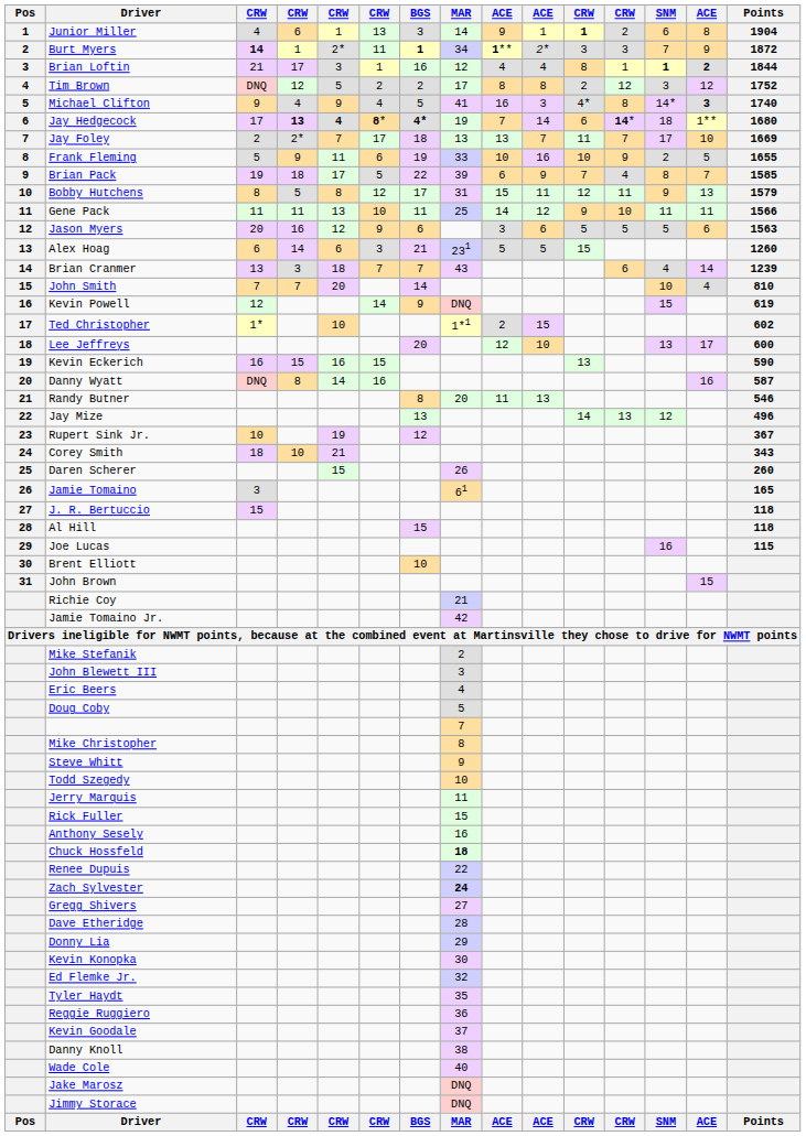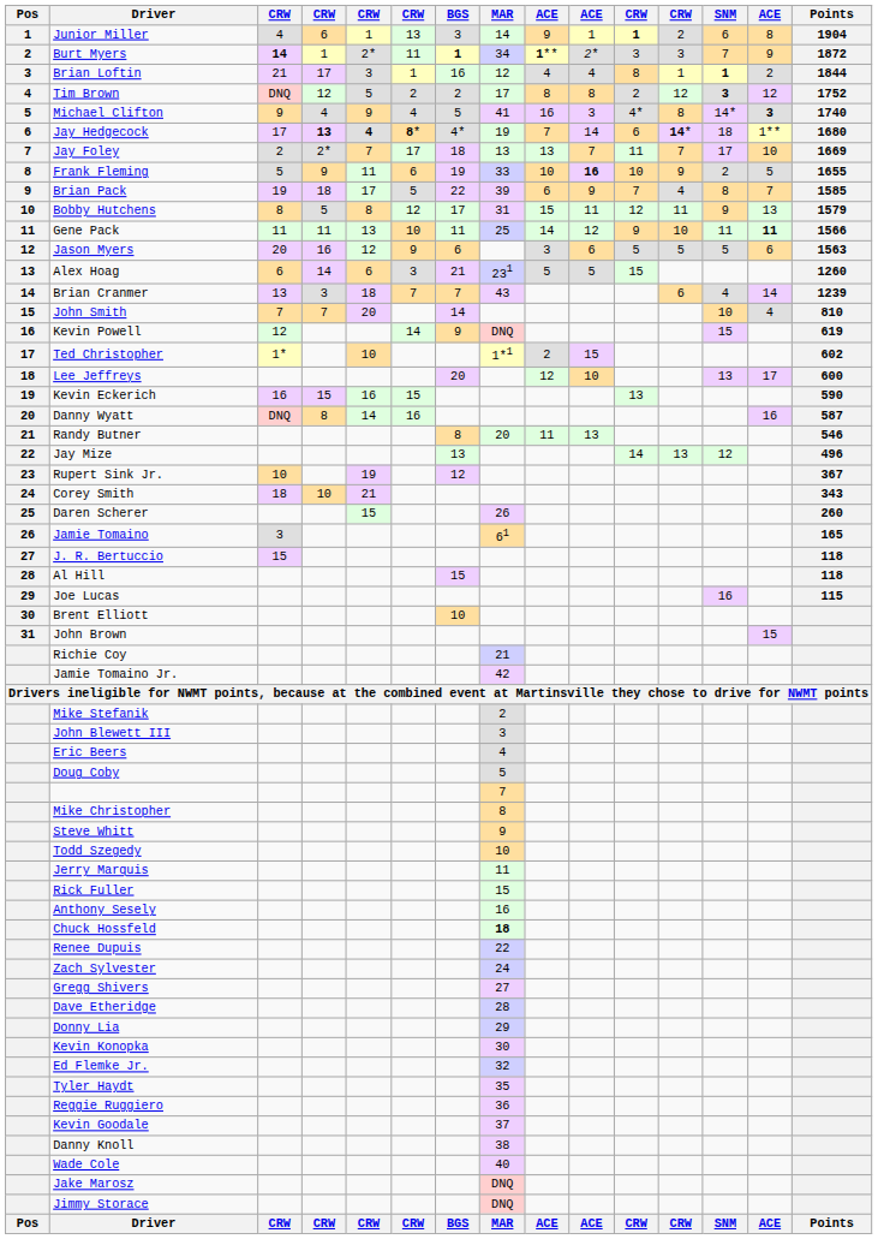 <table class="wikitable" style="font-size:77%; text-align:center;">
 <tr valign="center">
 <th valign="middle">Pos</th>
 <th valign="middle">Driver</th>
 <th><a href='#'>CRW</a></th>
 <th><a href='#'>CRW</a></th>
 <th><a href='#'>CRW</a></th>
 <th><a href='#'>CRW</a></th>
 <th><a href='#'>BGS</a></th>
 <th><a href='#'>MAR</a></th>
 <th><a href='#'>ACE</a></th>
 <th><a href='#'>ACE</a></th>
 <th><a href='#'>CRW</a></th>
 <th><a href='#'>CRW</a></th>
 <th><a href='#'>SNM</a></th>
 <th><a href='#'>ACE</a></th>
 <th valign="middle">Points</th>
 </tr>
 <tr>
 <th>1</th>
 <td align="left"><a href='#'>Junior Miller</a></td>
 <td style="background:#DFDFDF;">4</td>
 <td style="background:#FFDF9F;">6</td>
 <td style="background:#FFFFBF;">1</td>
 <td style="background:#DFFFDF;">13</td>
 <td style="background:#DFDFDF;">3</td>
 <td style="background:#DFFFDF;">14</td>
 <td style="background:#FFDF9F;">9</td>
 <td style="background:#FFFFBF;">1</td>
 <td style="background:#FFFFBF;"><strong>1</strong></td>
 <td style="background:#DFDFDF;">2</td>
 <td style="background:#FFDF9F;">6</td>
 <td style="background:#FFDF9F;">8</td>
 <th>1904</th>
 </tr>
 <tr>
 <th>2</th>
 <td align="left"><a href='#'>Burt Myers</a></td>
 <td style="background:#EFCFFF;"><strong>14</strong></td>
 <td style="background:#FFFFBF;">1</td>
 <td style="background:#DFDFDF;">2*</td>
 <td style="background:#DFFFDF;">11</td>
 <td style="background:#FFFFBF;"><strong>1</strong></td>
 <td style="background:#CFCFFF;">34</td>
 <td style="background:#FFFFBF;"><strong>1</strong>**</td>
 <td style="background:#DFDFDF;"><em>2</em>*</td>
 <td style="background:#DFDFDF;">3</td>
 <td style="background:#DFDFDF;">3</td>
 <td style="background:#FFDF9F;">7</td>
 <td style="background:#FFDF9F;">9</td>
 <th>1872</th>
 </tr>
 <tr>
 <th>3</th>
 <td align="left"><a href='#'>Brian Loftin</a></td>
 <td style="background:#EFCFFF;">21</td>
 <td style="background:#EFCFFF;">17</td>
 <td style="background:#DFDFDF;">3</td>
 <td style="background:#FFFFBF;">1</td>
 <td style="background:#DFFFDF;">16</td>
 <td style="background:#DFFFDF;">12</td>
 <td style="background:#DFDFDF;">4</td>
 <td style="background:#DFDFDF;">4</td>
 <td style="background:#FFDF9F;">8</td>
 <td style="background:#FFFFBF;">1</td>
 <td style="background:#FFFFBF;"><strong>1</strong></td>
-<td style="background:#DFDFDF;"><strong>2</strong></td>
+<td style="background:#DFDFDF;">2</td>
 <th>1844</th>
 </tr>
 <tr>
 <th>4</th>
 <td align="left"><a href='#'>Tim Brown</a></td>
 <td style="background:#FFCFCF;">DNQ</td>
 <td style="background:#DFFFDF;">12</td>
 <td style="background:#DFDFDF;">5</td>
 <td style="background:#DFDFDF;">2</td>
 <td style="background:#DFDFDF;">2</td>
 <td style="background:#DFFFDF;">17</td>
 <td style="background:#FFDF9F;">8</td>
 <td style="background:#FFDF9F;">8</td>
 <td style="background:#DFDFDF;">2</td>
 <td style="background:#DFFFDF;">12</td>
-<td style="background:#DFDFDF;">3</td>
+<td style="background:#DFDFDF;"><strong>3</strong></td>
 <td style="background:#EFCFFF;">12</td>
 <th>1752</th>
 </tr>
 <tr>
 <th>5</th>
 <td align="left"><a href='#'>Michael Clifton</a></td>
 <td style="background:#FFDF9F;">9</td>
 <td style="background:#DFDFDF;">4</td>
 <td style="background:#FFDF9F;">9</td>
 <td style="background:#DFDFDF;">4</td>
 <td style="background:#DFDFDF;">5</td>
 <td style="background:#EFCFFF;">41</td>
 <td style="background:#EFCFFF;">16</td>
 <td style="background:#EFCFFF;">3</td>
 <td style="background:#DFDFDF;">4*</td>
 <td style="background:#FFDF9F;">8</td>
 <td style="background:#EFCFFF;">14*</td>
 <td style="background:#DFDFDF;"><strong>3</strong></td>
 <th>1740</th>
 </tr>
 <tr>
 <th>6</th>
 <td align="left"><a href='#'>Jay Hedgecock</a></td>
 <td style="background:#EFCFFF;">17</td>
 <td style="background:#EFCFFF;"><strong>13</strong></td>
 <td style="background:#DFDFDF;"><strong>4</strong></td>
 <td style="background:#FFDF9F;"><strong>8</strong>*</td>
-<td style="background:#DFDFDF;"><strong>4*</strong></td>
+<td style="background:#DFDFDF;">4*</td>
 <td style="background:#DFFFDF;">19</td>
 <td style="background:#FFDF9F;">7</td>
 <td style="background:#EFCFFF;">14</td>
 <td style="background:#FFDF9F;">6</td>
 <td style="background:#EFCFFF;"><strong>14</strong>*</td>
 <td style="background:#EFCFFF;">18</td>
 <td style="background:#FFFFBF;">1**</td>
 <th>1680</th>
 </tr>
 <tr>
 <th>7</th>
 <td align="left"><a href='#'>Jay Foley</a></td>
 <td style="background:#DFDFDF;">2</td>
 <td style="background:#DFDFDF;">2*</td>
 <td style="background:#FFDF9F;">7</td>
 <td style="background:#DFFFDF;">17</td>
 <td style="background:#EFCFFF;">18</td>
 <td style="background:#DFFFDF;">13</td>
 <td style="background:#DFFFDF;">13</td>
 <td style="background:#FFDF9F;">7</td>
 <td style="background:#DFFFDF;">11</td>
 <td style="background:#FFDF9F;">7</td>
 <td style="background:#EFCFFF;">17</td>
 <td style="background:#FFDF9F;">10</td>
 <th>1669</th>
 </tr>
 <tr>
 <th>8</th>
 <td align="left"><a href='#'>Frank Fleming</a></td>
 <td style="background:#DFDFDF;">5</td>
 <td style="background:#FFDF9F;">9</td>
 <td style="background:#DFFFDF;">11</td>
 <td style="background:#FFDF9F;">6</td>
 <td style="background:#EFCFFF;">19</td>
 <td style="background:#CFCFFF;">33</td>
 <td style="background:#FFDF9F;">10</td>
-<td style="background:#EFCFFF;">16</td>
+<td style="background:#EFCFFF;"><strong>16</strong></td>
 <td style="background:#FFDF9F;">10</td>
 <td style="background:#FFDF9F;">9</td>
 <td style="background:#DFDFDF;">2</td>
 <td style="background:#DFDFDF;">5</td>
 <th>1655</th>
 </tr>
 <tr>
 <th>9</th>
 <td align="left"><a href='#'>Brian Pack</a></td>
 <td style="background:#EFCFFF;">19</td>
 <td style="background:#EFCFFF;">18</td>
 <td style="background:#DFFFDF;">17</td>
 <td style="background:#DFDFDF;">5</td>
 <td style="background:#EFCFFF;">22</td>
 <td style="background:#EFCFFF;">39</td>
 <td style="background:#FFDF9F;">6</td>
 <td style="background:#FFDF9F;">9</td>
 <td style="background:#FFDF9F;">7</td>
 <td style="background:#DFDFDF;">4</td>
 <td style="background:#FFDF9F;">8</td>
 <td style="background:#FFDF9F;">7</td>
 <th>1585</th>
 </tr>
 <tr>
 <th>10</th>
 <td align="left"><a href='#'>Bobby Hutchens</a></td>
 <td style="background:#FFDF9F;">8</td>
 <td style="background:#DFDFDF;">5</td>
 <td style="background:#FFDF9F;">8</td>
 <td style="background:#DFFFDF;">12</td>
 <td style="background:#DFFFDF;">17</td>
 <td style="background:#EFCFFF;">31</td>
 <td style="background:#DFFFDF;">15</td>
 <td style="background:#DFFFDF;">11</td>
 <td style="background:#DFFFDF;">12</td>
 <td style="background:#DFFFDF;">11</td>
 <td style="background:#FFDF9F;">9</td>
 <td style="background:#DFFFDF;">13</td>
 <th>1579</th>
 </tr>
 <tr>
 <th>11</th>
 <td align="left">Gene Pack</td>
 <td style="background:#DFFFDF;">11</td>
 <td style="background:#DFFFDF;">11</td>
 <td style="background:#DFFFDF;">13</td>
 <td style="background:#FFDF9F;">10</td>
 <td style="background:#DFFFDF;">11</td>
 <td style="background:#CFCFFF;">25</td>
 <td style="background:#DFFFDF;">14</td>
 <td style="background:#DFFFDF;">12</td>
 <td style="background:#FFDF9F;">9</td>
 <td style="background:#FFDF9F;">10</td>
 <td style="background:#DFFFDF;">11</td>
-<td style="background:#DFFFDF;">11</td>
+<td style="background:#DFFFDF;"><strong>11</strong></td>
 <th>1566</th>
 </tr>
 <tr>
 <th>12</th>
 <td align="left"><a href='#'>Jason Myers</a></td>
 <td style="background:#EFCFFF;">20</td>
 <td style="background:#EFCFFF;">16</td>
 <td style="background:#DFFFDF;">12</td>
 <td style="background:#FFDF9F;">9</td>
 <td style="background:#FFDF9F;">6</td>
 <td></td>
 <td style="background:#DFDFDF;">3</td>
 <td style="background:#FFDF9F;">6</td>
 <td style="background:#DFDFDF;">5</td>
 <td style="background:#DFDFDF;">5</td>
 <td style="background:#DFDFDF;">5</td>
 <td style="background:#FFDF9F;">6</td>
 <th>1563</th>
 </tr>
 <tr>
 <th>13</th>
 <td align="left">Alex Hoag</td>
 <td style="background:#FFDF9F;">6</td>
 <td style="background:#EFCFFF;">14</td>
 <td style="background:#FFDF9F;">6</td>
 <td style="background:#DFDFDF;">3</td>
 <td style="background:#EFCFFF;">21</td>
 <td style="background:#CFCFFF;">23<sup>1</sup></td>
 <td style="background:#DFDFDF;">5</td>
 <td style="background:#DFDFDF;">5</td>
 <td style="background:#DFFFDF;">15</td>
 <td></td>
 <td></td>
 <td></td>
 <th>1260</th>
 </tr>
 <tr>
 <th>14</th>
 <td align="left">Brian Cranmer</td>
 <td style="background:#EFCFFF;">13</td>
 <td style="background:#DFDFDF;">3</td>
 <td style="background:#EFCFFF;">18</td>
 <td style="background:#FFDF9F;">7</td>
 <td style="background:#FFDF9F;">7</td>
 <td style="background:#EFCFFF;">43</td>
 <td></td>
 <td></td>
 <td></td>
 <td style="background:#FFDF9F;">6</td>
 <td style="background:#DFDFDF;">4</td>
 <td style="background:#EFCFFF;">14</td>
 <th>1239</th>
 </tr>
 <tr>
 <th>15</th>
 <td align="left"><a href='#'>John Smith</a></td>
 <td style="background:#FFDF9F;">7</td>
 <td style="background:#FFDF9F;">7</td>
 <td style="background:#EFCFFF;">20</td>
 <td></td>
 <td style="background:#EFCFFF;">14</td>
 <td></td>
 <td></td>
 <td></td>
 <td></td>
 <td></td>
 <td style="background:#FFDF9F;">10</td>
 <td style="background:#DFDFDF;">4</td>
 <th>810</th>
 </tr>
 <tr>
 <th>16</th>
 <td align="left">Kevin Powell</td>
 <td style="background:#DFFFDF;">12</td>
 <td></td>
 <td></td>
 <td style="background:#DFFFDF;">14</td>
 <td style="background:#FFDF9F;">9</td>
 <td style="background:#FFCFCF;">DNQ</td>
 <td></td>
 <td></td>
 <td></td>
 <td></td>
 <td style="background:#EFCFFF;">15</td>
 <td></td>
 <th>619</th>
 </tr>
 <tr>
 <th>17</th>
 <td align="left"><a href='#'>Ted Christopher</a></td>
 <td style="background:#FFFFBF;">1*</td>
 <td></td>
 <td style="background:#FFDF9F;">10</td>
 <td></td>
 <td></td>
 <td style="background:#FFFFBF;">1*<sup>1</sup></td>
 <td style="background:#DFDFDF;">2</td>
 <td style="background:#EFCFFF;">15</td>
 <td></td>
 <td></td>
 <td></td>
 <td></td>
 <th>602</th>
 </tr>
 <tr>
 <th>18</th>
 <td align="left"><a href='#'>Lee Jeffreys</a></td>
 <td></td>
 <td></td>
 <td></td>
 <td></td>
 <td style="background:#EFCFFF;">20</td>
 <td></td>
 <td style="background:#DFFFDF;">12</td>
 <td style="background:#FFDF9F;">10</td>
 <td></td>
 <td></td>
 <td style="background:#EFCFFF;">13</td>
 <td style="background:#EFCFFF;">17</td>
 <th>600</th>
 </tr>
 <tr>
 <th>19</th>
 <td align="left">Kevin Eckerich</td>
 <td style="background:#EFCFFF;">16</td>
 <td style="background:#EFCFFF;">15</td>
 <td style="background:#DFFFDF;">16</td>
 <td style="background:#DFFFDF;">15</td>
 <td></td>
 <td></td>
 <td></td>
 <td></td>
 <td style="background:#DFFFDF;">13</td>
 <td></td>
 <td></td>
 <td></td>
 <th>590</th>
 </tr>
 <tr>
 <th>20</th>
 <td align="left">Danny Wyatt</td>
 <td style="background:#FFCFCF;">DNQ</td>
 <td style="background:#FFDF9F;">8</td>
 <td style="background:#DFFFDF;">14</td>
 <td style="background:#DFFFDF;">16</td>
 <td></td>
 <td></td>
 <td></td>
 <td></td>
 <td></td>
 <td></td>
 <td></td>
 <td style="background:#EFCFFF;">16</td>
 <th>587</th>
 </tr>
 <tr>
 <th>21</th>
 <td align="left">Randy Butner</td>
 <td></td>
 <td></td>
 <td></td>
 <td></td>
 <td style="background:#FFDF9F;">8</td>
 <td style="background:#DFFFDF;">20</td>
 <td style="background:#DFFFDF;">11</td>
 <td style="background:#DFFFDF;">13</td>
 <td></td>
 <td></td>
 <td></td>
 <td></td>
 <th>546</th>
 </tr>
 <tr>
 <th>22</th>
 <td align="left">Jay Mize</td>
 <td></td>
 <td></td>
 <td></td>
 <td></td>
 <td style="background:#DFFFDF;">13</td>
 <td></td>
 <td></td>
 <td></td>
 <td style="background:#DFFFDF;">14</td>
 <td style="background:#DFFFDF;">13</td>
 <td style="background:#DFFFDF;">12</td>
 <td></td>
 <th>496</th>
 </tr>
 <tr>
 <th>23</th>
 <td align="left">Rupert Sink Jr.</td>
 <td style="background:#FFDF9F;">10</td>
 <td></td>
 <td style="background:#EFCFFF;">19</td>
 <td></td>
 <td style="background:#EFCFFF;">12</td>
 <td></td>
 <td></td>
 <td></td>
 <td></td>
 <td></td>
 <td></td>
 <td></td>
 <th>367</th>
 </tr>
 <tr>
 <th>24</th>
 <td align="left">Corey Smith</td>
 <td style="background:#EFCFFF;">18</td>
 <td style="background:#FFDF9F;">10</td>
 <td style="background:#EFCFFF;">21</td>
 <td></td>
 <td></td>
 <td></td>
 <td></td>
 <td></td>
 <td></td>
 <td></td>
 <td></td>
 <td></td>
 <th>343</th>
 </tr>
 <tr>
 <th>25</th>
 <td align="left">Daren Scherer</td>
 <td></td>
 <td></td>
 <td style="background:#DFFFDF;">15</td>
 <td></td>
 <td></td>
 <td style="background:#EFCFFF;">26</td>
 <td></td>
 <td></td>
 <td></td>
 <td></td>
 <td></td>
 <td></td>
 <th>260</th>
 </tr>
 <tr>
 <th>26</th>
 <td align="left"><a href='#'>Jamie Tomaino</a></td>
 <td style="background:#DFDFDF;">3</td>
 <td></td>
 <td></td>
 <td></td>
 <td></td>
 <td style="background:#FFDF9F;">6<sup>1</sup></td>
 <td></td>
 <td></td>
 <td></td>
 <td></td>
 <td></td>
 <td></td>
 <th>165</th>
 </tr>
 <tr>
 <th>27</th>
 <td align="left"><a href='#'>J. R. Bertuccio</a></td>
 <td style="background:#EFCFFF;">15</td>
 <td></td>
 <td></td>
 <td></td>
 <td></td>
 <td></td>
 <td></td>
 <td></td>
 <td></td>
 <td></td>
 <td></td>
 <td></td>
 <th>118</th>
 </tr>
 <tr>
 <th>28</th>
 <td align="left">Al Hill</td>
 <td></td>
 <td></td>
 <td></td>
 <td></td>
 <td style="background:#EFCFFF;">15</td>
 <td></td>
 <td></td>
 <td></td>
 <td></td>
 <td></td>
 <td></td>
 <td></td>
 <th>118</th>
 </tr>
 <tr>
 <th>29</th>
 <td align="left">Joe Lucas</td>
 <td></td>
 <td></td>
 <td></td>
 <td></td>
 <td></td>
 <td></td>
 <td></td>
 <td></td>
 <td></td>
 <td></td>
 <td style="background:#EFCFFF;">16</td>
 <td></td>
 <th>115</th>
 </tr>
 <tr>
 <th>30</th>
 <td align="left">Brent Elliott</td>
 <td></td>
 <td></td>
 <td></td>
 <td></td>
 <td style="background:#FFDF9F;">10</td>
 <td></td>
 <td></td>
 <td></td>
 <td></td>
 <td></td>
 <td></td>
 <td></td>
 <th></th>
 </tr>
 <tr>
 <th>31</th>
 <td align="left">John Brown</td>
 <td></td>
 <td></td>
 <td></td>
 <td></td>
 <td></td>
 <td></td>
 <td></td>
 <td></td>
 <td></td>
 <td></td>
 <td></td>
 <td style="background:#EFCFFF;">15</td>
 <th></th>
 </tr>
 <tr>
 <th></th>
 <td align="left">Richie Coy</td>
 <td></td>
 <td></td>
 <td></td>
 <td></td>
 <td></td>
 <td style="background:#CFCFFF;">21</td>
 <td></td>
 <td></td>
 <td></td>
 <td></td>
 <td></td>
 <td></td>
 <th></th>
 </tr>
 <tr>
 <th></th>
 <td align="left">Jamie Tomaino Jr.</td>
 <td></td>
 <td></td>
 <td></td>
 <td></td>
 <td></td>
 <td style="background:#EFCFFF;">42</td>
 <td></td>
 <td></td>
 <td></td>
 <td></td>
 <td></td>
 <td></td>
 <th></th>
 </tr>
 <tr>
 <th colspan=19>Drivers ineligible for NWMT points, because at the combined event at Martinsville they chose to drive for <a href='#'>NWMT</a> points</th>
 </tr>
 <tr>
 <th></th>
 <td align="left"><a href='#'>Mike Stefanik</a></td>
 <td></td>
 <td></td>
 <td></td>
 <td></td>
 <td></td>
 <td style="background:#DFDFDF;">2</td>
 <td></td>
 <td></td>
 <td></td>
 <td></td>
 <td></td>
 <td></td>
 <th></th>
 </tr>
 <tr>
 <th></th>
 <td align="left"><a href='#'>John Blewett III</a></td>
 <td></td>
 <td></td>
 <td></td>
 <td></td>
 <td></td>
 <td style="background:#DFDFDF;">3</td>
 <td></td>
 <td></td>
 <td></td>
 <td></td>
 <td></td>
 <td></td>
 <th></th>
 </tr>
 <tr>
 <th></th>
 <td align="left"><a href='#'>Eric Beers</a></td>
 <td></td>
 <td></td>
 <td></td>
 <td></td>
 <td></td>
 <td style="background:#DFDFDF;">4</td>
 <td></td>
 <td></td>
 <td></td>
 <td></td>
 <td></td>
 <td></td>
 <th></th>
 </tr>
 <tr>
 <th></th>
 <td align="left"><a href='#'>Doug Coby</a></td>
 <td></td>
 <td></td>
 <td></td>
 <td></td>
 <td></td>
 <td style="background:#DFDFDF;">5</td>
 <td></td>
 <td></td>
 <td></td>
 <td></td>
 <td></td>
 <td></td>
 <th></th>
 </tr>
 <tr>
 <th></th>
 <td align="left"></td>
 <td></td>
 <td></td>
 <td></td>
 <td></td>
 <td></td>
 <td style="background:#FFDF9F;">7</td>
 <td></td>
 <td></td>
 <td></td>
 <td></td>
 <td></td>
 <td></td>
 <th></th>
 </tr>
 <tr>
 <th></th>
 <td align="left"><a href='#'>Mike Christopher</a></td>
 <td></td>
 <td></td>
 <td></td>
 <td></td>
 <td></td>
 <td style="background:#FFDF9F;">8</td>
 <td></td>
 <td></td>
 <td></td>
 <td></td>
 <td></td>
 <td></td>
 <th></th>
 </tr>
 <tr>
 <th></th>
 <td align="left"><a href='#'>Steve Whitt</a></td>
 <td></td>
 <td></td>
 <td></td>
 <td></td>
 <td></td>
 <td style="background:#FFDF9F;">9</td>
 <td></td>
 <td></td>
 <td></td>
 <td></td>
 <td></td>
 <td></td>
 <th></th>
 </tr>
 <tr>
 <th></th>
 <td align="left"><a href='#'>Todd Szegedy</a></td>
 <td></td>
 <td></td>
 <td></td>
 <td></td>
 <td></td>
 <td style="background:#FFDF9F;">10</td>
 <td></td>
 <td></td>
 <td></td>
 <td></td>
 <td></td>
 <td></td>
 <th></th>
 </tr>
 <tr>
 <th></th>
 <td align="left"><a href='#'>Jerry Marquis</a></td>
 <td></td>
 <td></td>
 <td></td>
 <td></td>
 <td></td>
 <td style="background:#DFFFDF;">11</td>
 <td></td>
 <td></td>
 <td></td>
 <td></td>
 <td></td>
 <td></td>
 <th></th>
 </tr>
 <tr>
 <th></th>
 <td align="left"><a href='#'>Rick Fuller</a></td>
 <td></td>
 <td></td>
 <td></td>
 <td></td>
 <td></td>
 <td style="background:#DFFFDF;">15</td>
 <td></td>
 <td></td>
 <td></td>
 <td></td>
 <td></td>
 <td></td>
 <th></th>
 </tr>
 <tr>
 <th></th>
 <td align="left"><a href='#'>Anthony Sesely</a></td>
 <td></td>
 <td></td>
 <td></td>
 <td></td>
 <td></td>
 <td style="background:#DFFFDF;">16</td>
 <td></td>
 <td></td>
 <td></td>
 <td></td>
 <td></td>
 <td></td>
 <th></th>
 </tr>
 <tr>
 <th></th>
 <td align="left"><a href='#'>Chuck Hossfeld</a></td>
 <td></td>
 <td></td>
 <td></td>
 <td></td>
 <td></td>
 <td style="background:#DFFFDF;"><strong>18</strong></td>
 <td></td>
 <td></td>
 <td></td>
 <td></td>
 <td></td>
 <td></td>
 <th></th>
 </tr>
 <tr>
 <th></th>
 <td align="left"><a href='#'>Renee Dupuis</a></td>
 <td></td>
 <td></td>
 <td></td>
 <td></td>
 <td></td>
 <td style="background:#CFCFFF;">22</td>
 <td></td>
 <td></td>
 <td></td>
 <td></td>
 <td></td>
 <td></td>
 <th></th>
 </tr>
 <tr>
 <th></th>
 <td align="left"><a href='#'>Zach Sylvester</a></td>
 <td></td>
 <td></td>
 <td></td>
 <td></td>
 <td></td>
-<td style="background:#CFCFFF;"><strong>24</strong></td>
+<td style="background:#CFCFFF;">24</td>
 <td></td>
 <td></td>
 <td></td>
 <td></td>
 <td></td>
 <td></td>
 <th></th>
 </tr>
 <tr>
 <th></th>
 <td align="left"><a href='#'>Gregg Shivers</a></td>
 <td></td>
 <td></td>
 <td></td>
 <td></td>
 <td></td>
 <td style="background:#EFCFFF;">27</td>
 <td></td>
 <td></td>
 <td></td>
 <td></td>
 <td></td>
 <td></td>
 <th></th>
 </tr>
 <tr>
 <th></th>
 <td align="left"><a href='#'>Dave Etheridge</a></td>
 <td></td>
 <td></td>
 <td></td>
 <td></td>
 <td></td>
 <td style="background:#CFCFFF;">28</td>
 <td></td>
 <td></td>
 <td></td>
 <td></td>
 <td></td>
 <td></td>
 <th></th>
 </tr>
 <tr>
 <th></th>
 <td align="left"><a href='#'>Donny Lia</a></td>
 <td></td>
 <td></td>
 <td></td>
 <td></td>
 <td></td>
 <td style="background:#CFCFFF;">29</td>
 <td></td>
 <td></td>
 <td></td>
 <td></td>
 <td></td>
 <td></td>
 <th></th>
 </tr>
 <tr>
 <th></th>
 <td align="left"><a href='#'>Kevin Konopka</a></td>
 <td></td>
 <td></td>
 <td></td>
 <td></td>
 <td></td>
 <td style="background:#EFCFFF;">30</td>
 <td></td>
 <td></td>
 <td></td>
 <td></td>
 <td></td>
 <td></td>
 <th></th>
 </tr>
 <tr>
 <th></th>
 <td align="left"><a href='#'>Ed Flemke Jr.</a></td>
 <td></td>
 <td></td>
 <td></td>
 <td></td>
 <td></td>
 <td style="background:#CFCFFF;">32</td>
 <td></td>
 <td></td>
 <td></td>
 <td></td>
 <td></td>
 <td></td>
 <th></th>
 </tr>
 <tr>
 <th></th>
 <td align="left"><a href='#'>Tyler Haydt</a></td>
 <td></td>
 <td></td>
 <td></td>
 <td></td>
 <td></td>
 <td style="background:#EFCFFF;">35</td>
 <td></td>
 <td></td>
 <td></td>
 <td></td>
 <td></td>
 <td></td>
 <th></th>
 </tr>
 <tr>
 <th></th>
 <td align="left"><a href='#'>Reggie Ruggiero</a></td>
 <td></td>
 <td></td>
 <td></td>
 <td></td>
 <td></td>
 <td style="background:#EFCFFF;">36</td>
 <td></td>
 <td></td>
 <td></td>
 <td></td>
 <td></td>
 <td></td>
 <th></th>
 </tr>
 <tr>
 <th></th>
 <td align="left"><a href='#'>Kevin Goodale</a></td>
 <td></td>
 <td></td>
 <td></td>
 <td></td>
 <td></td>
 <td style="background:#EFCFFF;">37</td>
 <td></td>
 <td></td>
 <td></td>
 <td></td>
 <td></td>
 <td></td>
 <th></th>
 </tr>
 <tr>
 <th></th>
 <td align="left">Danny Knoll</td>
 <td></td>
 <td></td>
 <td></td>
 <td></td>
 <td></td>
 <td style="background:#EFCFFF;">38</td>
 <td></td>
 <td></td>
 <td></td>
 <td></td>
 <td></td>
 <td></td>
 <th></th>
 </tr>
 <tr>
 <th></th>
 <td align="left"><a href='#'>Wade Cole</a></td>
 <td></td>
 <td></td>
 <td></td>
 <td></td>
 <td></td>
 <td style="background:#EFCFFF;">40</td>
 <td></td>
 <td></td>
 <td></td>
 <td></td>
 <td></td>
 <td></td>
 <th></th>
 </tr>
 <tr>
 <th></th>
 <td align="left"><a href='#'>Jake Marosz</a></td>
 <td></td>
 <td></td>
 <td></td>
 <td></td>
 <td></td>
 <td style="background:#FFCFCF;">DNQ</td>
 <td></td>
 <td></td>
 <td></td>
 <td></td>
 <td></td>
 <td></td>
 <th></th>
 </tr>
 <tr>
 <th></th>
 <td align="left"><a href='#'>Jimmy Storace</a></td>
 <td></td>
 <td></td>
 <td></td>
 <td></td>
 <td></td>
 <td style="background:#FFCFCF;">DNQ</td>
 <td></td>
 <td></td>
 <td></td>
 <td></td>
 <td></td>
 <td></td>
 <th></th>
 </tr>
 <tr valign="center">
 <th valign="middle">Pos</th>
 <th valign="middle">Driver</th>
 <th><a href='#'>CRW</a></th>
 <th><a href='#'>CRW</a></th>
 <th><a href='#'>CRW</a></th>
 <th><a href='#'>CRW</a></th>
 <th><a href='#'>BGS</a></th>
 <th><a href='#'>MAR</a></th>
 <th><a href='#'>ACE</a></th>
 <th><a href='#'>ACE</a></th>
 <th><a href='#'>CRW</a></th>
 <th><a href='#'>CRW</a></th>
 <th><a href='#'>SNM</a></th>
 <th><a href='#'>ACE</a></th>
 <th valign="middle">Points</th>
 </tr>
 </table>
